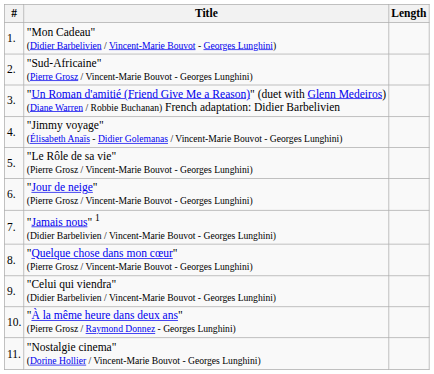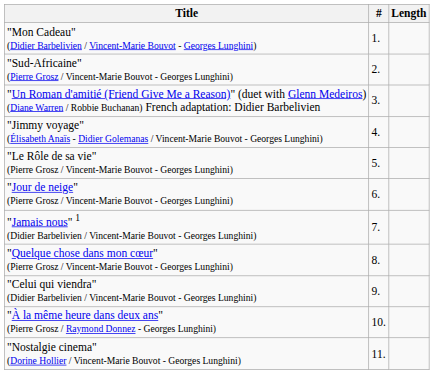 <table class="wikitable" size=80%>
 <tr>
+<th>Title</th>
 <th>#</th>
-<th>Title</th>
 <th>Length</th>
 </tr>
 <tr>
+<td>"Mon Cadeau" <br><small>(<a href='#'>Didier Barbelivien</a> / <a href='#'>Vincent-Marie Bouvot</a> - <a href='#'>Georges Lunghini</a>)</small></td>
 <td>1.</td>
-<td>"Mon Cadeau" <br><small>(<a href='#'>Didier Barbelivien</a> / <a href='#'>Vincent-Marie Bouvot</a> - <a href='#'>Georges Lunghini</a>)</small></td>
 <td></td>
 </tr>
 <tr>
+<td>"Sud-Africaine" <br><small>(<a href='#'>Pierre Grosz</a> / Vincent-Marie Bouvot - Georges Lunghini)</small></td>
 <td>2.</td>
-<td>"Sud-Africaine" <br><small>(<a href='#'>Pierre Grosz</a> / Vincent-Marie Bouvot - Georges Lunghini)</small></td>
 <td></td>
 </tr>
 <tr>
+<td>"<a href='#'>Un Roman d'amitié (Friend Give Me a Reason)</a>" (duet with <a href='#'>Glenn Medeiros</a>) <br><small>(<a href='#'>Diane Warren</a> / Robbie Buchanan)</small> French adaptation: Didier Barbelivien</td>
 <td>3.</td>
-<td>"<a href='#'>Un Roman d'amitié (Friend Give Me a Reason)</a>" (duet with <a href='#'>Glenn Medeiros</a>) <br><small>(<a href='#'>Diane Warren</a> / Robbie Buchanan)</small> French adaptation: Didier Barbelivien</td>
 <td></td>
 </tr>
 <tr>
+<td>"Jimmy voyage" <br><small>(<a href='#'>Élisabeth Anaïs</a> - <a href='#'>Didier Golemanas</a> / Vincent-Marie Bouvot - Georges Lunghini)</small></td>
 <td>4.</td>
-<td>"Jimmy voyage" <br><small>(<a href='#'>Élisabeth Anaïs</a> - <a href='#'>Didier Golemanas</a> / Vincent-Marie Bouvot - Georges Lunghini)</small></td>
 <td></td>
 </tr>
 <tr>
+<td>"Le Rôle de sa vie" <br><small>(Pierre Grosz / Vincent-Marie Bouvot - Georges Lunghini)</small></td>
 <td>5.</td>
-<td>"Le Rôle de sa vie" <br><small>(Pierre Grosz / Vincent-Marie Bouvot - Georges Lunghini)</small></td>
 <td></td>
 </tr>
 <tr>
+<td>"<a href='#'>Jour de neige</a>" <br><small>(Pierre Grosz / Vincent-Marie Bouvot - Georges Lunghini)</small></td>
 <td>6.</td>
-<td>"<a href='#'>Jour de neige</a>" <br><small>(Pierre Grosz / Vincent-Marie Bouvot - Georges Lunghini)</small></td>
 <td></td>
 </tr>
 <tr>
+<td>"<a href='#'>Jamais nous</a>" <sup>1</sup> <small><br>(Didier Barbelivien / Vincent-Marie Bouvot - Georges Lunghini)</small></td>
 <td>7.</td>
-<td>"<a href='#'>Jamais nous</a>" <sup>1</sup> <small><br>(Didier Barbelivien / Vincent-Marie Bouvot - Georges Lunghini)</small></td>
 <td></td>
 </tr>
 <tr>
+<td>"<a href='#'>Quelque chose dans mon cœur</a>" <br><small>(Pierre Grosz / Vincent-Marie Bouvot - Georges Lunghini)</small></td>
 <td>8.</td>
-<td>"<a href='#'>Quelque chose dans mon cœur</a>" <br><small>(Pierre Grosz / Vincent-Marie Bouvot - Georges Lunghini)</small></td>
 <td></td>
 </tr>
 <tr>
+<td>"Celui qui viendra" <br><small>(Didier Barbelivien / Vincent-Marie Bouvot - Georges Lunghini)</small></td>
 <td>9.</td>
-<td>"Celui qui viendra" <br><small>(Didier Barbelivien / Vincent-Marie Bouvot - Georges Lunghini)</small></td>
 <td></td>
 </tr>
 <tr>
+<td>"<a href='#'>À la même heure dans deux ans</a>" <br><small>(Pierre Grosz / <a href='#'>Raymond Donnez</a> - Georges Lunghini)</small></td>
 <td>10.</td>
-<td>"<a href='#'>À la même heure dans deux ans</a>" <br><small>(Pierre Grosz / <a href='#'>Raymond Donnez</a> - Georges Lunghini)</small></td>
 <td></td>
 </tr>
 <tr>
+<td>"Nostalgie cinema" <br><small>(<a href='#'>Dorine Hollier</a> / Vincent-Marie Bouvot - Georges Lunghini)</small></td>
 <td>11.</td>
-<td>"Nostalgie cinema" <br><small>(<a href='#'>Dorine Hollier</a> / Vincent-Marie Bouvot - Georges Lunghini)</small></td>
 <td></td>
 </tr>
 </table>
